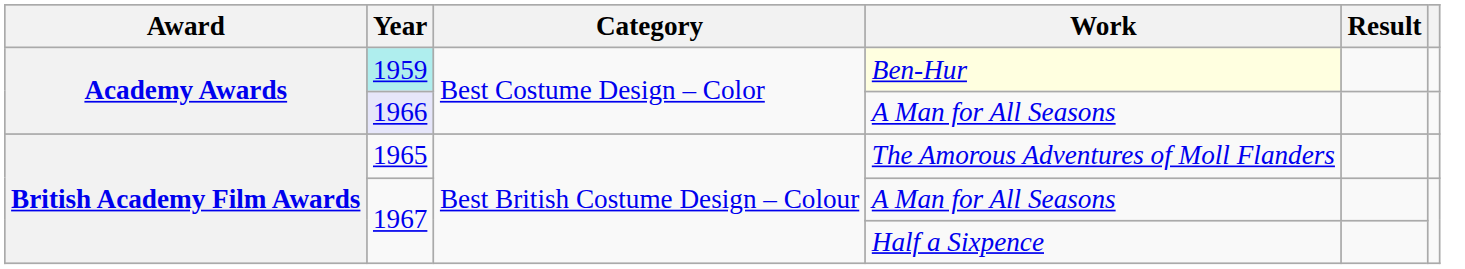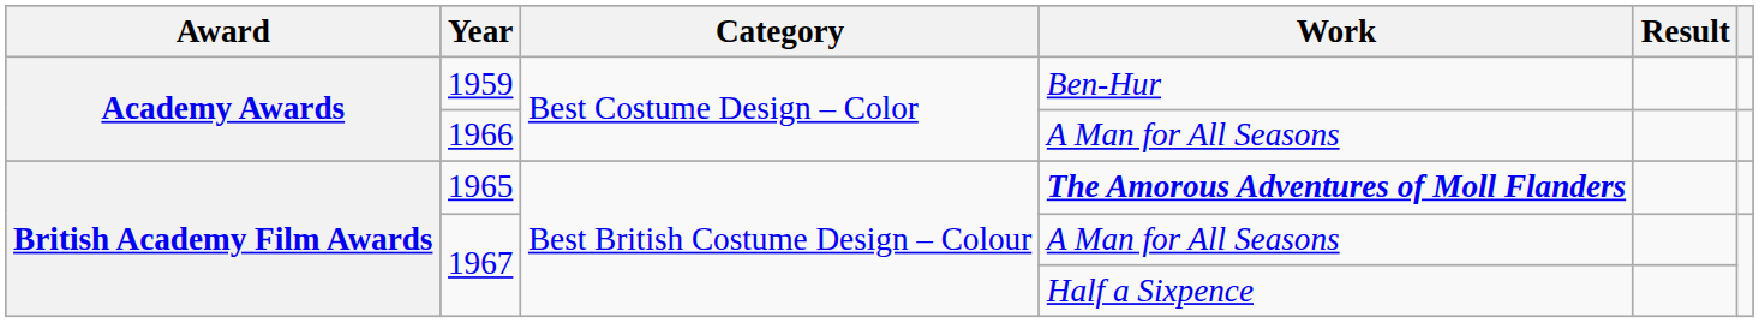 <table class="wikitable">
 <tr>
 <th>Award</th>
 <th>Year</th>
 <th>Category</th>
 <th>Work</th>
 <th>Result</th>
 <th class="unsortable"></th>
 </tr>
 <tr>
 <th rowspan="2" scope="row" style="text-align:center;"><a href='#'>Academy Awards</a></th>
-<td style="background: paleturquoise; text-align:center;"><a href='#'>1959</a></td>
+<td style="text-align:center;"><a href='#'>1959</a></td>
 <td rowspan="2"><a href='#'>Best Costume Design – Color</a></td>
-<td style="background: lightyellow;"><em><a href='#'>Ben-Hur</a></em></td>
+<td><em><a href='#'>Ben-Hur</a></em></td>
 <td></td>
 <td style="text-align:center;"></td>
 </tr>
 <tr>
-<td style="background: lavender; text-align:center;"><a href='#'>1966</a></td>
+<td style="text-align:center;"><a href='#'>1966</a></td>
 <td><em><a href='#'>A Man for All Seasons</a></em></td>
 <td></td>
 <td style="text-align:center;"></td>
 </tr>
 <tr>
 <th rowspan="3" scope="row" style="text-align:center;"><a href='#'>British Academy Film Awards</a></th>
 <td style="text-align:center;"><a href='#'>1965</a></td>
 <td rowspan="3"><a href='#'>Best British Costume Design – Colour</a></td>
-<td><em><a href='#'>The Amorous Adventures of Moll Flanders</a></em></td>
+<td><strong><em><a href='#'>The Amorous Adventures of Moll Flanders</a></em></strong></td>
 <td></td>
 <td style="text-align:center;"></td>
 </tr>
 <tr>
 <td rowspan="2", style="text-align:center;"><a href='#'>1967</a></td>
 <td><em><a href='#'>A Man for All Seasons</a></em></td>
 <td></td>
 <td rowspan="2", style="text-align:center;"></td>
 </tr>
 <tr>
 <td><em><a href='#'>Half a Sixpence</a></em></td>
 <td></td>
 </tr>
 </table>
